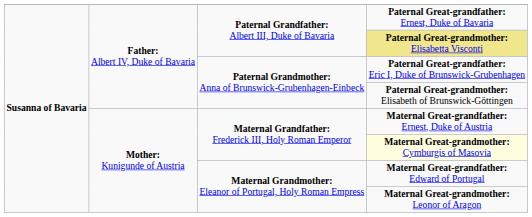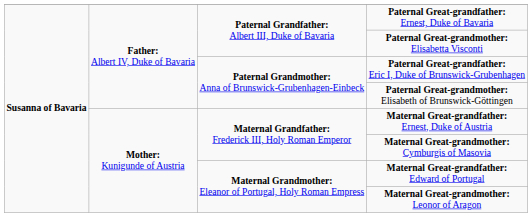 <table class="wikitable">
 <tr>
 </tr>
 <tr>
 <td rowspan="8" align="center"><strong>Susanna of Bavaria</strong></td>
 <td rowspan="4" align="center"><strong>Father:</strong><br><a href='#'>Albert IV, Duke of Bavaria</a></td>
 <td rowspan="2" align="center"><strong>Paternal Grandfather:</strong><br><a href='#'>Albert III, Duke of Bavaria</a></td>
 <td align="center"><strong>Paternal Great-grandfather:</strong><br><a href='#'>Ernest, Duke of Bavaria</a></td>
 </tr>
 <tr>
-<td align="center" style="background: khaki;"><strong>Paternal Great-grandmother:</strong><br><a href='#'>Elisabetta Visconti</a></td>
+<td align="center"><strong>Paternal Great-grandmother:</strong><br><a href='#'>Elisabetta Visconti</a></td>
 </tr>
 <tr>
 <td rowspan="2" align="center"><strong>Paternal Grandmother:</strong><br><a href='#'>Anna of Brunswick-Grubenhagen-Einbeck</a></td>
 <td align="center"><strong>Paternal Great-grandfather:</strong><br><a href='#'>Eric I, Duke of Brunswick-Grubenhagen</a></td>
 </tr>
 <tr>
 <td align="center"><strong>Paternal Great-grandmother:</strong><br>Elisabeth of Brunswick-Göttingen</td>
 </tr>
 <tr>
 <td rowspan="4" align="center"><strong>Mother:</strong><br><a href='#'>Kunigunde of Austria</a></td>
 <td rowspan="2" align="center"><strong>Maternal Grandfather:</strong><br><a href='#'>Frederick III, Holy Roman Emperor</a></td>
 <td align="center"><strong>Maternal Great-grandfather:</strong><br><a href='#'>Ernest, Duke of Austria</a></td>
 </tr>
 <tr>
-<td align="center" style="background: lightyellow;"><strong>Maternal Great-grandmother:</strong><br><a href='#'>Cymburgis of Masovia</a></td>
+<td align="center"><strong>Maternal Great-grandmother:</strong><br><a href='#'>Cymburgis of Masovia</a></td>
 </tr>
 <tr>
 <td rowspan="2" align="center"><strong>Maternal Grandmother:</strong><br><a href='#'>Eleanor of Portugal, Holy Roman Empress</a></td>
 <td align="center"><strong>Maternal Great-grandfather:</strong><br><a href='#'>Edward of Portugal</a></td>
 </tr>
 <tr>
 <td align="center"><strong>Maternal Great-grandmother:</strong><br><a href='#'>Leonor of Aragon</a></td>
 </tr>
 </table>
